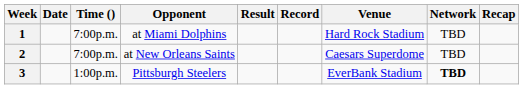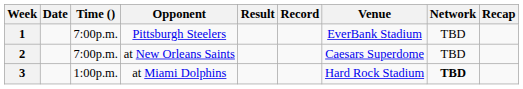 <table class="wikitable" style="text-align:center">
 <tr>
 <th>Week</th>
 <th>Date</th>
 <th>Time (<a href='#'></a>)</th>
 <th>Opponent</th>
 <th>Result</th>
 <th>Record</th>
 <th>Venue</th>
 <th>Network</th>
 <th>Recap</th>
 </tr>
 <tr>
 <th>1</th>
 <td></td>
 <td>7:00p.m.</td>
-<td>at <a href='#'>Miami Dolphins</a></td>
+<td><a href='#'>Pittsburgh Steelers</a></td>
 <td></td>
 <td></td>
-<td><a href='#'>Hard Rock Stadium</a></td>
+<td><a href='#'>EverBank Stadium</a></td>
 <td>TBD</td>
 <td></td>
 </tr>
 <tr>
 <th>2</th>
 <td></td>
 <td>7:00p.m.</td>
 <td>at <a href='#'>New Orleans Saints</a></td>
 <td></td>
 <td></td>
 <td><a href='#'>Caesars Superdome</a></td>
 <td>TBD</td>
 <td></td>
 </tr>
 <tr>
 <th>3</th>
 <td></td>
 <td>1:00p.m.</td>
-<td><a href='#'>Pittsburgh Steelers</a></td>
+<td>at <a href='#'>Miami Dolphins</a></td>
 <td></td>
 <td></td>
-<td><a href='#'>EverBank Stadium</a></td>
+<td><a href='#'>Hard Rock Stadium</a></td>
 <td><strong>TBD</strong></td>
 <td></td>
 </tr>
 </table>
